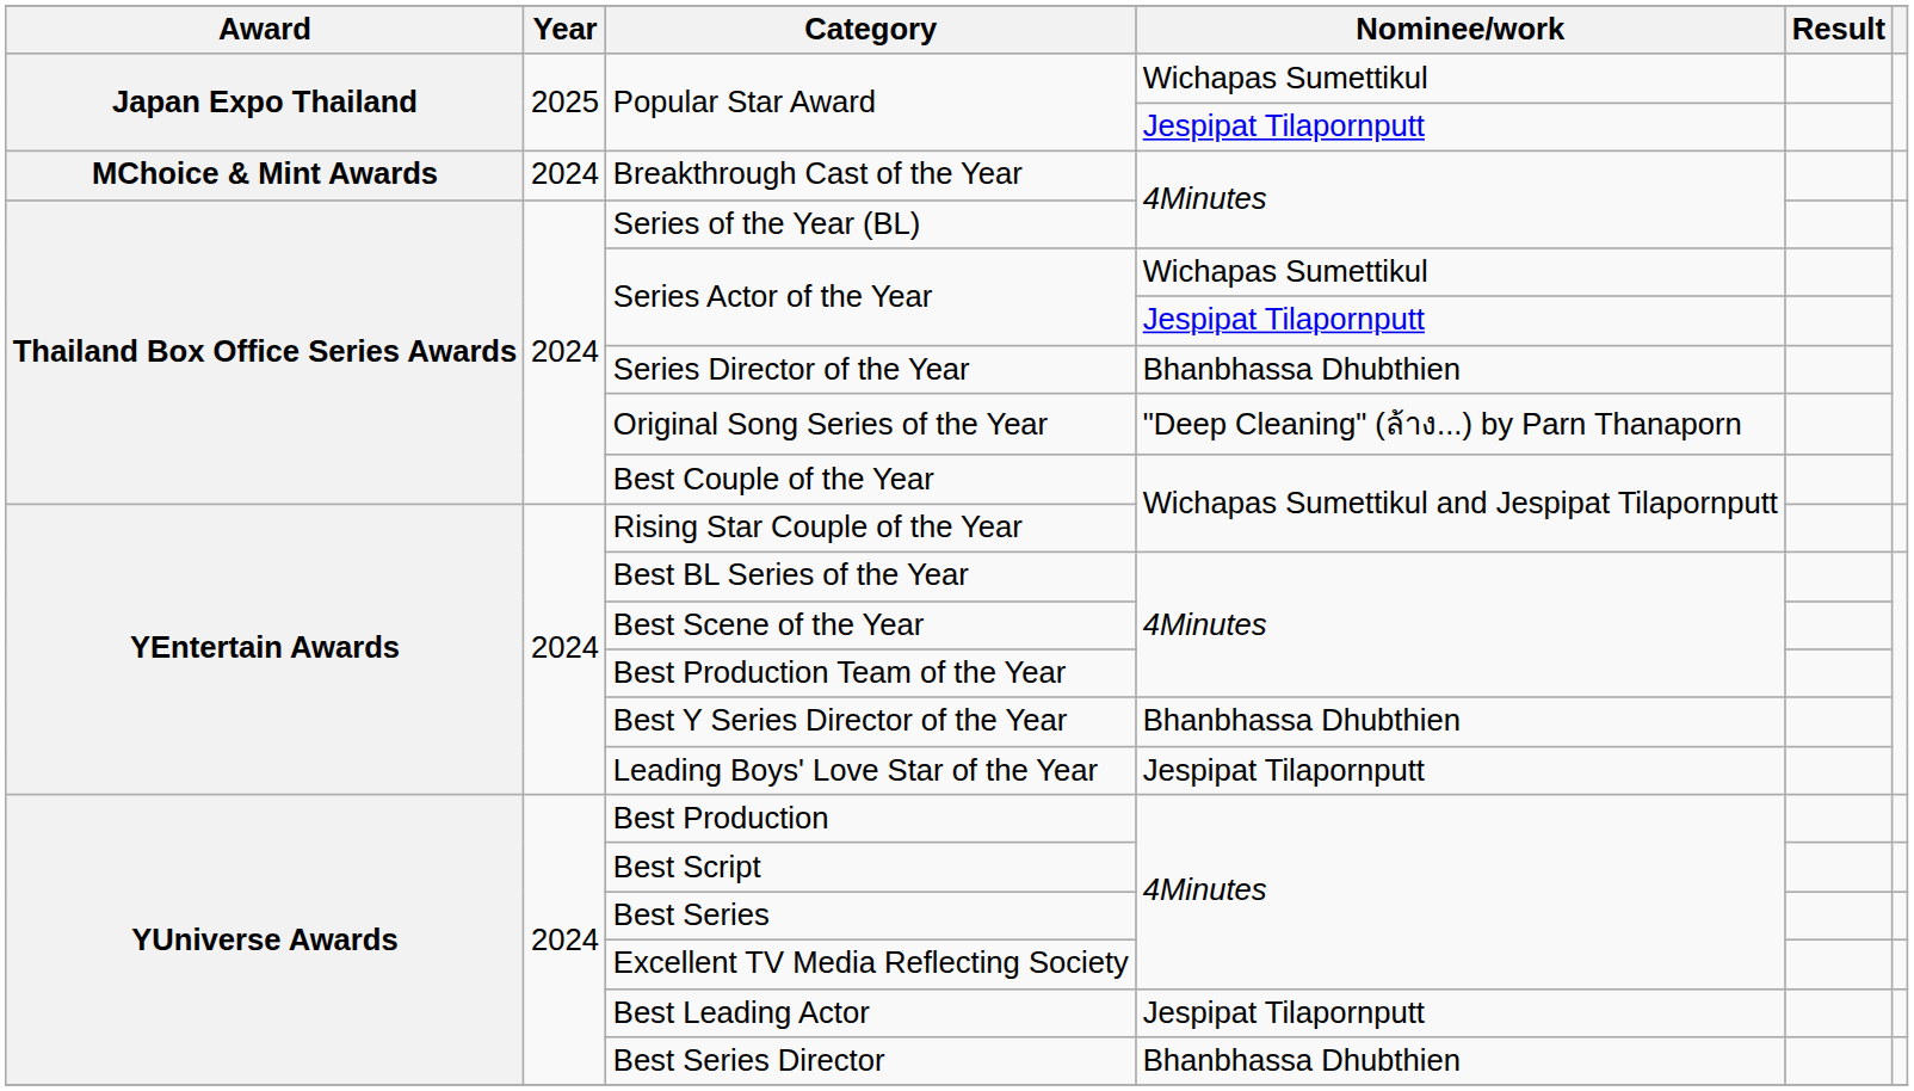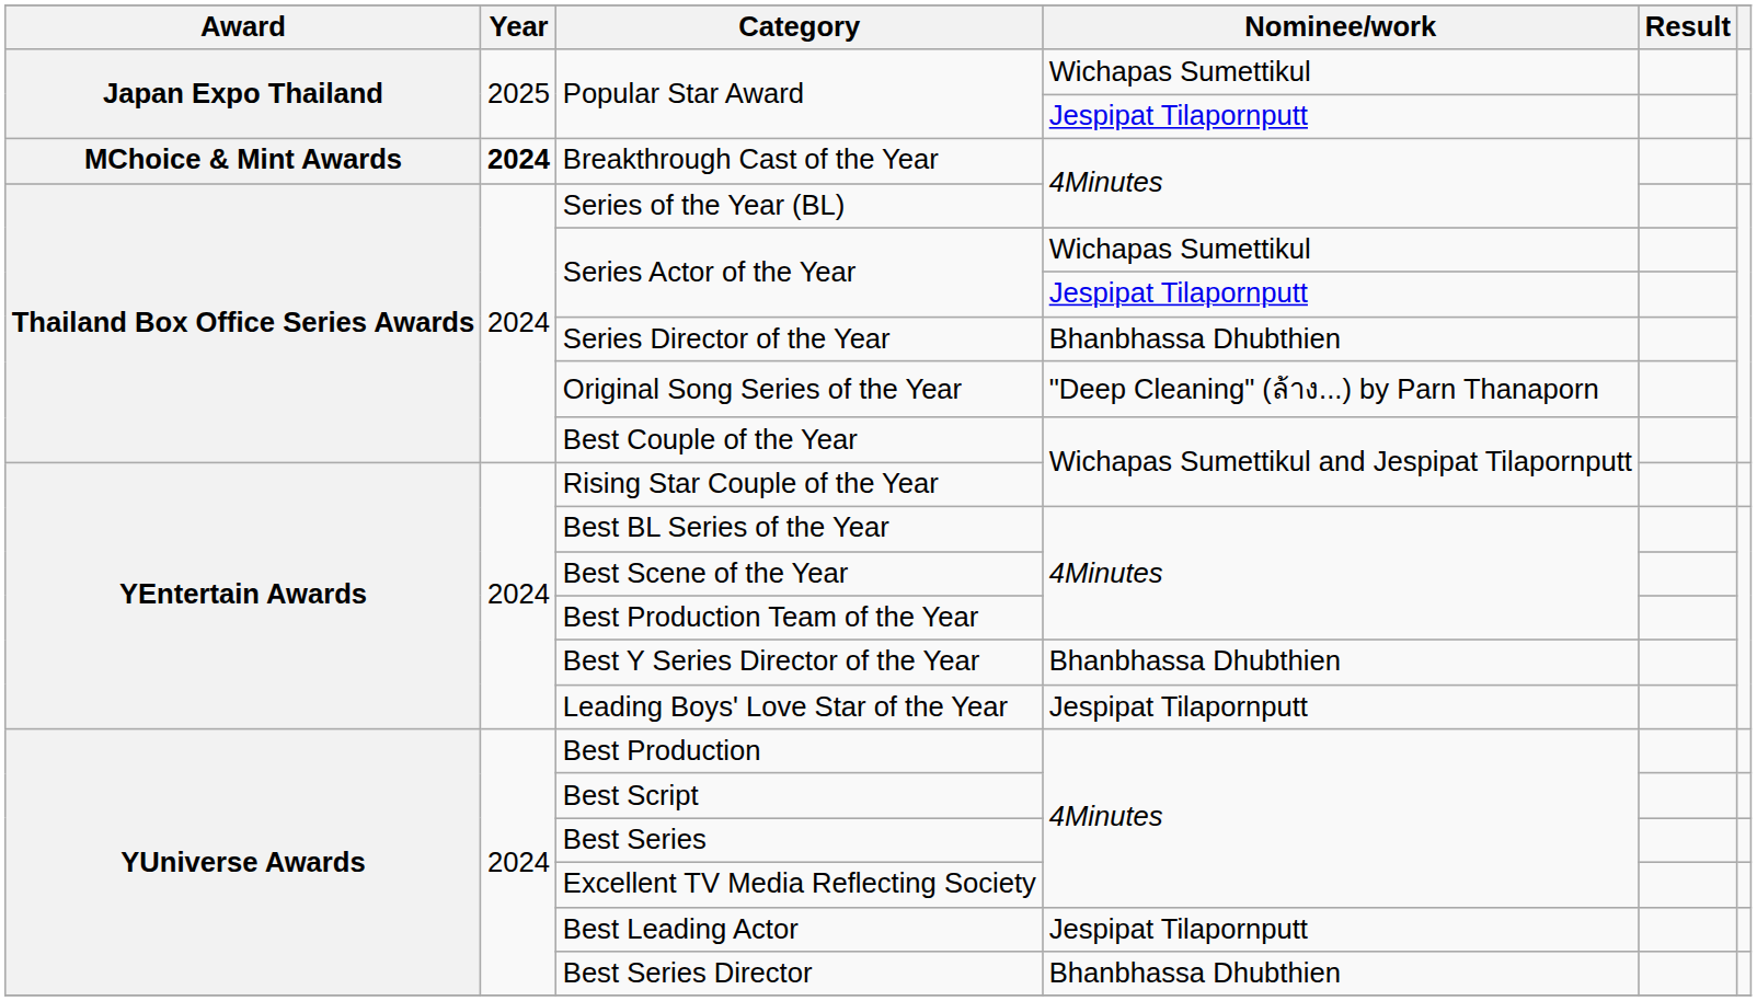 <table class="wikitable sortable plainrowheaders">
 <tr style="background:#ccc; text-align:center;">
 </tr>
 <tr>
 <th scope="col">Award</th>
 <th scope="col">Year</th>
 <th scope="col">Category</th>
 <th scope="col">Nominee/work</th>
 <th scope="col">Result</th>
 <th scope="col" class="unsortable"></th>
 </tr>
 <tr>
 <th scope="row" rowspan=2>Japan Expo Thailand</th>
 <td style="text-align:center;" rowspan=2>2025</td>
 <td rowspan=2>Popular Star Award</td>
 <td>Wichapas Sumettikul</td>
 <td></td>
 <td style="text-align:center;" rowspan=2></td>
 </tr>
 <tr>
 <td><a href='#'>Jespipat Tilapornputt</a></td>
 <td></td>
 </tr>
 <tr>
 <th scope="row">MChoice & Mint Awards</th>
-<td style="text-align:center;">2024</td>
+<td style="text-align:center;"><strong>2024</strong></td>
 <td>Breakthrough Cast of the Year</td>
 <td rowspan=2><em>4Minutes</em></td>
 <td></td>
 <td style="text-align:center;"></td>
 </tr>
 <tr>
 <th scope="row" rowspan=6>Thailand Box Office Series Awards</th>
 <td style="text-align:center;" rowspan=6>2024</td>
 <td>Series of the Year (BL)</td>
 <td></td>
 <td style="text-align:center;" rowspan=6></td>
 </tr>
 <tr>
 <td rowspan=2>Series Actor of the Year</td>
 <td>Wichapas Sumettikul</td>
 <td></td>
 </tr>
 <tr>
 <td><a href='#'>Jespipat Tilapornputt</a></td>
 <td></td>
 </tr>
 <tr>
 <td>Series Director of the Year</td>
 <td>Bhanbhassa Dhubthien</td>
 <td></td>
 </tr>
 <tr>
 <td>Original Song Series of the Year</td>
 <td>"Deep Cleaning" (ล้าง...) by Parn Thanaporn</td>
 <td></td>
 </tr>
 <tr>
 <td>Best Couple of the Year</td>
 <td rowspan=2>Wichapas Sumettikul and Jespipat Tilapornputt</td>
 <td></td>
 </tr>
 <tr>
 <th scope="row" rowspan=6>YEntertain Awards</th>
 <td style="text-align:center;" rowspan=6>2024</td>
 <td>Rising Star Couple of the Year</td>
 <td></td>
 <td style="text-align:center;"></td>
 </tr>
 <tr>
 <td>Best BL Series of the Year</td>
 <td rowspan=3><em>4Minutes</em></td>
 <td></td>
 <td style="text-align:center;" rowspan=5></td>
 </tr>
 <tr>
 <td>Best Scene of the Year</td>
 <td></td>
 </tr>
 <tr>
 <td>Best Production Team of the Year</td>
 <td></td>
 </tr>
 <tr>
 <td>Best Y Series Director of the Year</td>
 <td>Bhanbhassa Dhubthien</td>
 <td></td>
 </tr>
 <tr>
 <td>Leading Boys' Love Star of the Year</td>
 <td>Jespipat Tilapornputt</td>
 <td></td>
 </tr>
 <tr>
 <th scope="row" rowspan=6>YUniverse Awards</th>
 <td style="text-align:center;" rowspan=6>2024</td>
 <td>Best Production</td>
 <td rowspan=4><em>4Minutes</em></td>
 <td></td>
 <td style="text-align:center;"></td>
 </tr>
 <tr>
 <td>Best Script</td>
 <td></td>
 <td style="text-align:center;"></td>
 </tr>
 <tr>
 <td>Best Series</td>
 <td></td>
 <td style="text-align:center;"></td>
 </tr>
 <tr>
 <td>Excellent TV Media Reflecting Society</td>
 <td></td>
 <td style="text-align:center;"></td>
 </tr>
 <tr>
 <td>Best Leading Actor</td>
 <td>Jespipat Tilapornputt</td>
 <td></td>
 <td style="text-align:center;"></td>
 </tr>
 <tr>
 <td>Best Series Director</td>
 <td>Bhanbhassa Dhubthien</td>
 <td></td>
 <td style="text-align:center;"></td>
 </tr>
 <tr>
 </tr>
 </table>
